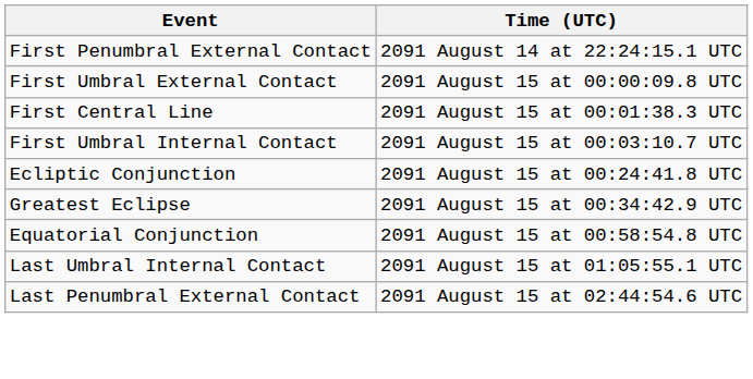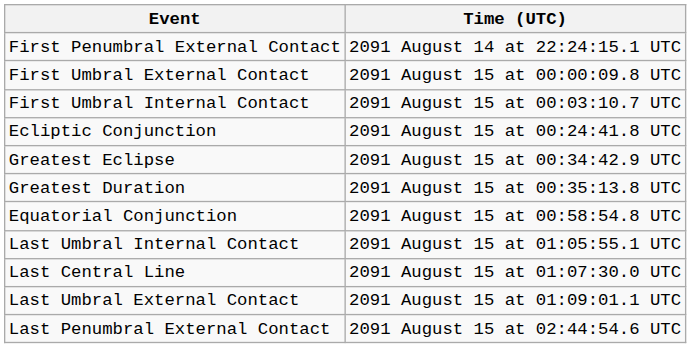 <table class="wikitable">
 <tr>
 <th>Event</th>
 <th>Time (UTC)</th>
 </tr>
 <tr>
 <td>First Penumbral External Contact</td>
 <td>2091 August 14 at 22:24:15.1 UTC</td>
 </tr>
 <tr>
 <td>First Umbral External Contact</td>
 <td>2091 August 15 at 00:00:09.8 UTC</td>
 </tr>
 <tr>
-<td>First Central Line</td>
-<td>2091 August 15 at 00:01:38.3 UTC</td>
-</tr>
-<tr>
 <td>First Umbral Internal Contact</td>
 <td>2091 August 15 at 00:03:10.7 UTC</td>
 </tr>
 <tr>
 <td>Ecliptic Conjunction</td>
 <td>2091 August 15 at 00:24:41.8 UTC</td>
 </tr>
 <tr>
 <td>Greatest Eclipse</td>
 <td>2091 August 15 at 00:34:42.9 UTC</td>
 </tr>
 <tr>
+<td>Greatest Duration</td>
+<td>2091 August 15 at 00:35:13.8 UTC</td>
+</tr>
+<tr>
 <td>Equatorial Conjunction</td>
 <td>2091 August 15 at 00:58:54.8 UTC</td>
 </tr>
 <tr>
 <td>Last Umbral Internal Contact</td>
 <td>2091 August 15 at 01:05:55.1 UTC</td>
 </tr>
 <tr>
+<td>Last Central Line</td>
+<td>2091 August 15 at 01:07:30.0 UTC</td>
+</tr>
+<tr>
+<td>Last Umbral External Contact</td>
+<td>2091 August 15 at 01:09:01.1 UTC</td>
+</tr>
+<tr>
 <td>Last Penumbral External Contact</td>
 <td>2091 August 15 at 02:44:54.6 UTC</td>
 </tr>
 </table>
